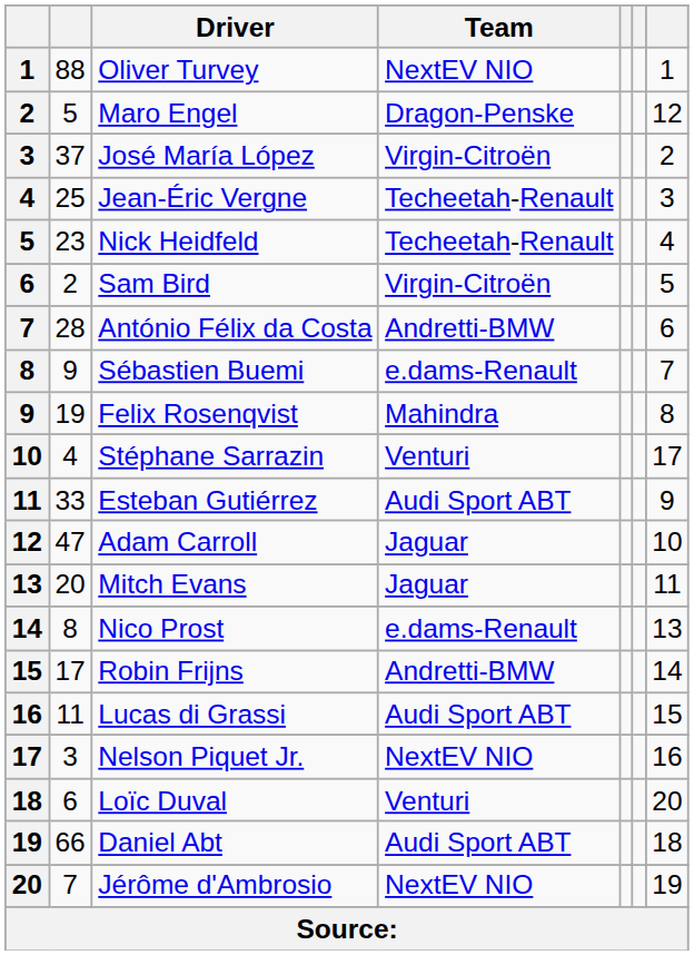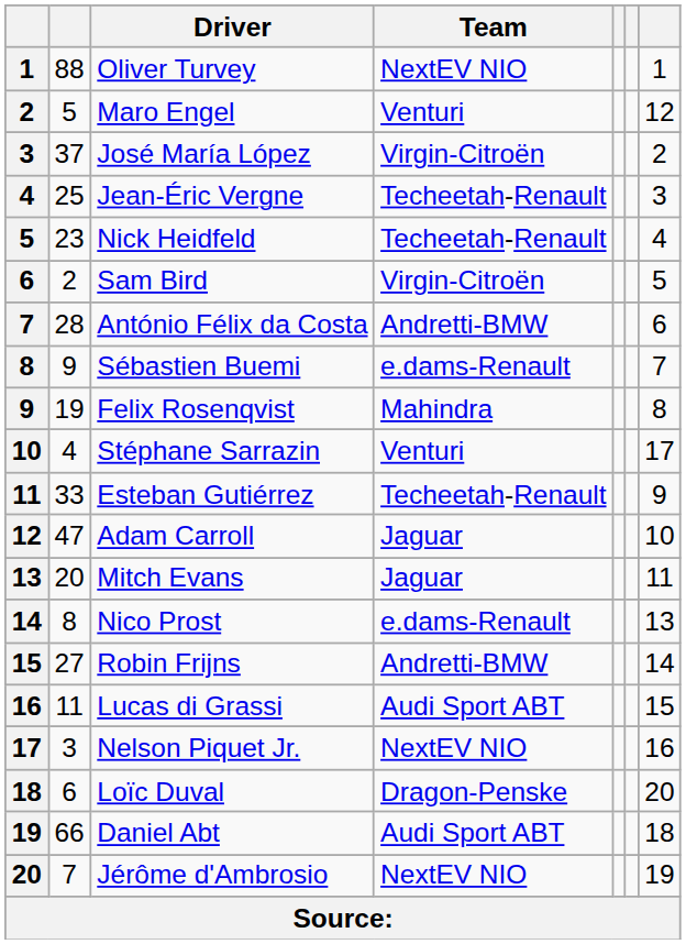 <table class="wikitable sortable" style="font-size: 85%">
 <tr>
 <th scope="col"></th>
 <th scope="col"></th>
 <th scope="col">Driver</th>
 <th scope="col">Team</th>
 <th scope="col"></th>
 <th scope="col"></th>
 <th scope="col"></th>
 </tr>
 <tr>
 <th scope="row"><strong>1</strong></th>
 <td align="center">88</td>
 <td data-sort-value="TUR"> <a href='#'>Oliver Turvey</a></td>
 <td><a href='#'>NextEV NIO</a></td>
 <td></td>
 <td></td>
 <td align="center">1</td>
 </tr>
 <tr>
 <th scope="row"><strong>2</strong></th>
 <td align="center">5</td>
 <td data-sort-value="ENG"><em></em> <a href='#'>Maro Engel</a></td>
-<td><a href='#'>Dragon-Penske</a></td>
+<td><a href='#'>Venturi</a></td>
 <td></td>
 <td></td>
 <td align="center">12</td>
 </tr>
 <tr>
 <th scope="row"><strong>3</strong></th>
 <td align="center">37</td>
 <td data-sort-value="LOP"> <a href='#'>José María López</a></td>
 <td><a href='#'>Virgin-Citroën</a></td>
 <td></td>
 <td></td>
 <td align="center">2</td>
 </tr>
 <tr>
 <th scope="row"><strong>4</strong></th>
 <td align="center">25</td>
 <td data-sort-value="VER"><em></em> <a href='#'>Jean-Éric Vergne</a></td>
 <td><a href='#'>Techeetah</a>-<a href='#'>Renault</a></td>
 <td></td>
 <td></td>
 <td align="center">3</td>
 </tr>
 <tr>
 <th scope="row"><strong>5</strong></th>
 <td align="center">23</td>
 <td data-sort-value="HEI"> <a href='#'>Nick Heidfeld</a></td>
 <td><a href='#'>Techeetah</a>-<a href='#'>Renault</a></td>
 <td></td>
 <td></td>
 <td align="center">4</td>
 </tr>
 <tr>
 <th scope="row"><strong>6</strong></th>
 <td align="center">2</td>
 <td data-sort-value="BIR"> <a href='#'>Sam Bird</a></td>
 <td><a href='#'>Virgin-Citroën</a></td>
 <td></td>
 <td></td>
 <td align="center">5</td>
 </tr>
 <tr>
 <th scope="row"><strong>7</strong></th>
 <td align="center">28</td>
 <td data-sort-value="FDC"> <a href='#'>António Félix da Costa</a></td>
 <td><a href='#'>Andretti-BMW</a></td>
 <td></td>
 <td></td>
 <td align="center">6</td>
 </tr>
 <tr>
 <th scope="row"><strong>8</strong></th>
 <td align="center">9</td>
 <td data-sort-value="BUE"> <a href='#'>Sébastien Buemi</a></td>
 <td><a href='#'>e.dams-Renault</a></td>
 <td></td>
 <td></td>
 <td align="center">7</td>
 </tr>
 <tr>
 <th scope="row"><strong>9</strong></th>
 <td align="center">19</td>
 <td data-sort-value="ROS"> <a href='#'>Felix Rosenqvist</a></td>
 <td><a href='#'>Mahindra</a></td>
 <td></td>
 <td></td>
 <td align="center">8</td>
 </tr>
 <tr>
 <th scope="row"><strong>10</strong></th>
 <td align="center">4</td>
 <td data-sort-value="SAR"> <a href='#'>Stéphane Sarrazin</a></td>
 <td><a href='#'>Venturi</a></td>
 <td></td>
 <td></td>
 <td align="center">17</td>
 </tr>
 <tr>
 <th scope="row"><strong>11</strong></th>
 <td align="center">33</td>
 <td data-sort-value="GUT"> <a href='#'>Esteban Gutiérrez</a></td>
-<td><a href='#'>Audi Sport ABT</a></td>
+<td><a href='#'>Techeetah</a>-<a href='#'>Renault</a></td>
 <td></td>
 <td></td>
 <td align="center">9</td>
 </tr>
 <tr>
 <th scope="row"><strong>12</strong></th>
 <td align="center">47</td>
 <td data-sort-value="CAR"> <a href='#'>Adam Carroll</a></td>
 <td><a href='#'>Jaguar</a></td>
 <td></td>
 <td></td>
 <td align="center">10</td>
 </tr>
 <tr>
 <th scope="row"><strong>13</strong></th>
 <td align="center">20</td>
 <td data-sort-value="EVA"> <a href='#'>Mitch Evans</a></td>
 <td><a href='#'>Jaguar</a></td>
 <td></td>
 <td></td>
 <td align="center">11</td>
 </tr>
 <tr>
 <th scope="row"><strong>14</strong></th>
 <td align="center">8</td>
 <td data-sort-value="PRO"> <a href='#'>Nico Prost</a></td>
 <td><a href='#'>e.dams-Renault</a></td>
 <td></td>
 <td></td>
 <td align="center">13</td>
 </tr>
 <tr>
 <th scope="row"><strong>15</strong></th>
-<td align="center">17</td>
+<td align="center">27</td>
 <td data-sort-value="FRI"> <a href='#'>Robin Frijns</a></td>
 <td><a href='#'>Andretti-BMW</a></td>
 <td></td>
 <td></td>
 <td align="center">14</td>
 </tr>
 <tr>
 <th scope="row"><strong>16</strong></th>
 <td align="center">11</td>
 <td data-sort-value="DIG"> <a href='#'>Lucas di Grassi</a></td>
 <td><a href='#'>Audi Sport ABT</a></td>
 <td></td>
 <td></td>
 <td align="center">15</td>
 </tr>
 <tr>
 <th scope="row"><strong>17</strong></th>
 <td align="center">3</td>
 <td data-sort-value="PIQ"> <a href='#'>Nelson Piquet Jr.</a></td>
 <td><a href='#'>NextEV NIO</a></td>
 <td></td>
 <td></td>
 <td align="center">16</td>
 </tr>
 <tr>
 <th scope="row"><strong>18</strong></th>
 <td align="center">6</td>
 <td data-sort-value="DUV"> <a href='#'>Loïc Duval</a></td>
-<td><a href='#'>Venturi</a></td>
+<td><a href='#'>Dragon-Penske</a></td>
 <td></td>
 <td></td>
 <td align="center">20</td>
 </tr>
 <tr>
 <th scope="row"><strong>19</strong></th>
 <td align="center">66</td>
 <td data-sort-value="ABT"><em></em> <a href='#'>Daniel Abt</a></td>
 <td><a href='#'>Audi Sport ABT</a></td>
 <td></td>
 <td></td>
 <td align="center">18</td>
 </tr>
 <tr>
 <th scope="row"><strong>20</strong></th>
 <td align="center">7</td>
 <td data-sort-value="DAM"> <a href='#'>Jérôme d'Ambrosio</a></td>
 <td><a href='#'>NextEV NIO</a></td>
 <td></td>
 <td></td>
 <td align="center">19</td>
 </tr>
 <tr>
 <th colspan="7">Source:</th>
 </tr>
 <tr>
 </tr>
 </table>
